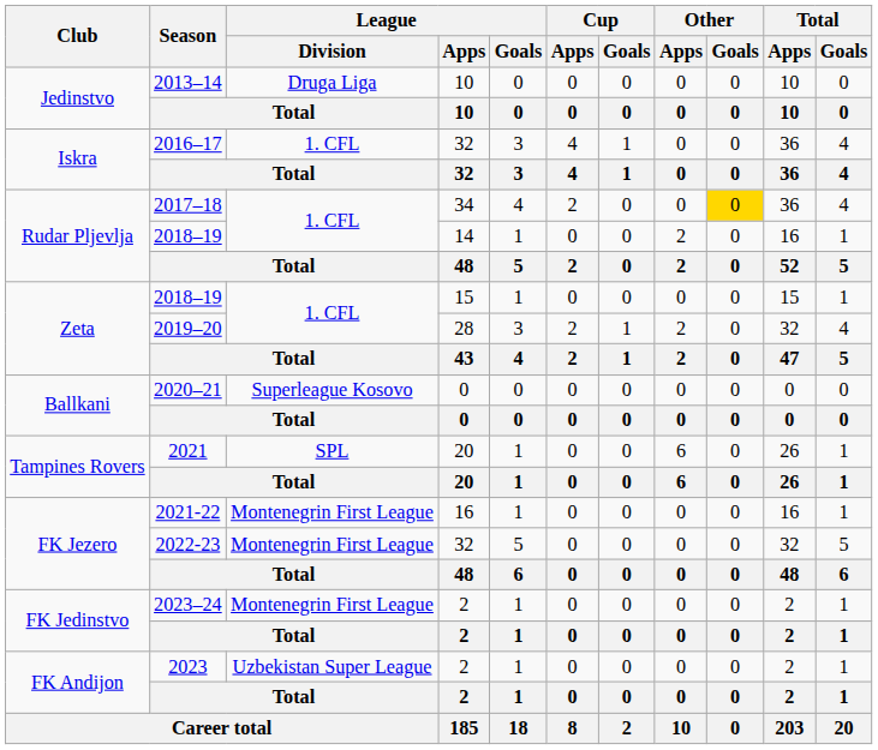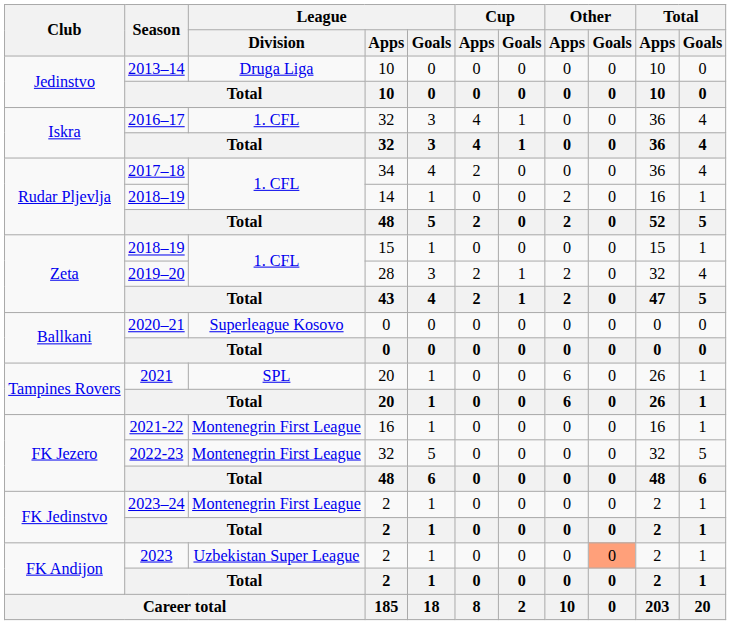 <table class="wikitable" style="text-align: center">
 <tr>
 <th rowspan="2">Club</th>
 <th rowspan="2">Season</th>
 <th colspan="3">League</th>
 <th colspan="2">Cup</th>
 <th colspan="2">Other</th>
 <th colspan="2">Total</th>
 </tr>
 <tr>
 <th>Division</th>
 <th>Apps</th>
 <th>Goals</th>
 <th>Apps</th>
 <th>Goals</th>
 <th>Apps</th>
 <th>Goals</th>
 <th>Apps</th>
 <th>Goals</th>
 </tr>
 <tr>
 <td rowspan="2"><a href='#'>Jedinstvo</a></td>
 <td><a href='#'>2013–14</a></td>
 <td><a href='#'>Druga Liga</a></td>
 <td>10</td>
 <td>0</td>
 <td>0</td>
 <td>0</td>
 <td>0</td>
 <td>0</td>
 <td>10</td>
 <td>0</td>
 </tr>
 <tr>
 <th colspan="2"><strong>Total</strong></th>
 <th>10</th>
 <th>0</th>
 <th>0</th>
 <th>0</th>
 <th>0</th>
 <th>0</th>
 <th>10</th>
 <th>0</th>
 </tr>
 <tr>
 <td rowspan="2"><a href='#'>Iskra</a></td>
 <td><a href='#'>2016–17</a></td>
 <td><a href='#'>1. CFL</a></td>
 <td>32</td>
 <td>3</td>
 <td>4</td>
 <td>1</td>
 <td>0</td>
 <td>0</td>
 <td>36</td>
 <td>4</td>
 </tr>
 <tr>
 <th colspan="2"><strong>Total</strong></th>
 <th>32</th>
 <th>3</th>
 <th>4</th>
 <th>1</th>
 <th>0</th>
 <th>0</th>
 <th>36</th>
 <th>4</th>
 </tr>
 <tr>
 <td rowspan="3"><a href='#'>Rudar Pljevlja</a></td>
 <td><a href='#'>2017–18</a></td>
 <td rowspan="2"><a href='#'>1. CFL</a></td>
 <td>34</td>
 <td>4</td>
 <td>2</td>
 <td>0</td>
 <td>0</td>
-<td style="background: gold;">0</td>
+<td>0</td>
 <td>36</td>
 <td>4</td>
 </tr>
 <tr>
 <td><a href='#'>2018–19</a></td>
 <td>14</td>
 <td>1</td>
 <td>0</td>
 <td>0</td>
 <td>2</td>
 <td>0</td>
 <td>16</td>
 <td>1</td>
 </tr>
 <tr>
 <th colspan="2"><strong>Total</strong></th>
 <th>48</th>
 <th>5</th>
 <th>2</th>
 <th>0</th>
 <th>2</th>
 <th>0</th>
 <th>52</th>
 <th>5</th>
 </tr>
 <tr>
 <td rowspan="3"><a href='#'>Zeta</a></td>
 <td><a href='#'>2018–19</a></td>
 <td rowspan="2"><a href='#'>1. CFL</a></td>
 <td>15</td>
 <td>1</td>
 <td>0</td>
 <td>0</td>
 <td>0</td>
 <td>0</td>
 <td>15</td>
 <td>1</td>
 </tr>
 <tr>
 <td><a href='#'>2019–20</a></td>
 <td>28</td>
 <td>3</td>
 <td>2</td>
 <td>1</td>
 <td>2</td>
 <td>0</td>
 <td>32</td>
 <td>4</td>
 </tr>
 <tr>
 <th colspan="2"><strong>Total</strong></th>
 <th>43</th>
 <th>4</th>
 <th>2</th>
 <th>1</th>
 <th>2</th>
 <th>0</th>
 <th>47</th>
 <th>5</th>
 </tr>
 <tr>
 <td rowspan="2"><a href='#'>Ballkani</a></td>
 <td><a href='#'>2020–21</a></td>
 <td><a href='#'>Superleague Kosovo</a></td>
 <td>0</td>
 <td>0</td>
 <td>0</td>
 <td>0</td>
 <td>0</td>
 <td>0</td>
 <td>0</td>
 <td>0</td>
 </tr>
 <tr>
 <th colspan="2"><strong>Total</strong></th>
 <th>0</th>
 <th>0</th>
 <th>0</th>
 <th>0</th>
 <th>0</th>
 <th>0</th>
 <th>0</th>
 <th>0</th>
 </tr>
 <tr>
 <td rowspan="2"><a href='#'>Tampines Rovers</a></td>
 <td><a href='#'>2021</a></td>
 <td><a href='#'>SPL</a></td>
 <td>20</td>
 <td>1</td>
 <td>0</td>
 <td>0</td>
 <td>6</td>
 <td>0</td>
 <td>26</td>
 <td>1</td>
 </tr>
 <tr>
 <th colspan="2"><strong>Total</strong></th>
 <th>20</th>
 <th>1</th>
 <th>0</th>
 <th>0</th>
 <th>6</th>
 <th>0</th>
 <th>26</th>
 <th>1</th>
 </tr>
 <tr>
 <td rowspan="3"><a href='#'>FK Jezero</a></td>
 <td><a href='#'>2021-22</a></td>
 <td><a href='#'>Montenegrin First League</a></td>
 <td>16</td>
 <td>1</td>
 <td>0</td>
 <td>0</td>
 <td>0</td>
 <td>0</td>
 <td>16</td>
 <td>1</td>
 </tr>
 <tr>
 <td><a href='#'>2022-23</a></td>
 <td><a href='#'>Montenegrin First League</a></td>
 <td>32</td>
 <td>5</td>
 <td>0</td>
 <td>0</td>
 <td>0</td>
 <td>0</td>
 <td>32</td>
 <td>5</td>
 </tr>
 <tr>
 <th colspan="2"><strong>Total</strong></th>
 <th>48</th>
 <th>6</th>
 <th>0</th>
 <th>0</th>
 <th>0</th>
 <th>0</th>
 <th>48</th>
 <th>6</th>
 </tr>
 <tr>
 <td rowspan="2"><a href='#'>FK Jedinstvo</a></td>
 <td><a href='#'>2023–24</a></td>
 <td><a href='#'>Montenegrin First League</a></td>
 <td>2</td>
 <td>1</td>
 <td>0</td>
 <td>0</td>
 <td>0</td>
 <td>0</td>
 <td>2</td>
 <td>1</td>
 </tr>
 <tr>
 <th colspan="2"><strong>Total</strong></th>
 <th>2</th>
 <th>1</th>
 <th>0</th>
 <th>0</th>
 <th>0</th>
 <th>0</th>
 <th>2</th>
 <th>1</th>
 </tr>
 <tr>
 <td rowspan="2"><a href='#'>FK Andijon</a></td>
 <td><a href='#'>2023</a></td>
 <td><a href='#'>Uzbekistan Super League</a></td>
 <td>2</td>
 <td>1</td>
 <td>0</td>
 <td>0</td>
 <td>0</td>
-<td>0</td>
+<td style="background: lightsalmon;">0</td>
 <td>2</td>
 <td>1</td>
 </tr>
 <tr>
 <th colspan="2"><strong>Total</strong></th>
 <th>2</th>
 <th>1</th>
 <th>0</th>
 <th>0</th>
 <th>0</th>
 <th>0</th>
 <th>2</th>
 <th>1</th>
 </tr>
 <tr>
 <th colspan="3"><strong>Career total</strong></th>
 <th>185</th>
 <th>18</th>
 <th>8</th>
 <th>2</th>
 <th>10</th>
 <th>0</th>
 <th>203</th>
 <th>20</th>
 </tr>
 </table>
